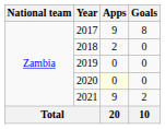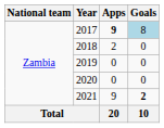 <table class="wikitable" style="text-align:center">
 <tr>
 <th>National team</th>
 <th>Year</th>
 <th>Apps</th>
 <th>Goals</th>
 </tr>
 <tr>
 <td rowspan="5"><a href='#'>Zambia</a></td>
 <td>2017</td>
-<td>9</td>
-<td>8</td>
+<td><strong>9</strong></td>
+<td style="background: lightblue;">8</td>
 </tr>
 <tr>
 <td>2018</td>
 <td>2</td>
 <td>0</td>
 </tr>
 <tr>
 <td>2019</td>
 <td>0</td>
 <td>0</td>
 </tr>
 <tr>
 <td>2020</td>
-<td style="background: lightyellow;">0</td>
+<td>0</td>
 <td>0</td>
 </tr>
 <tr>
 <td>2021</td>
 <td>9</td>
-<td>2</td>
+<td><strong>2</strong></td>
 </tr>
 <tr>
 <th colspan=2>Total</th>
 <th>20</th>
 <th>10</th>
 </tr>
 </table>
